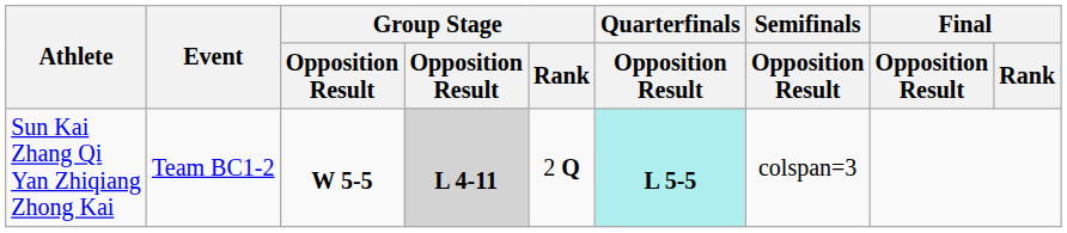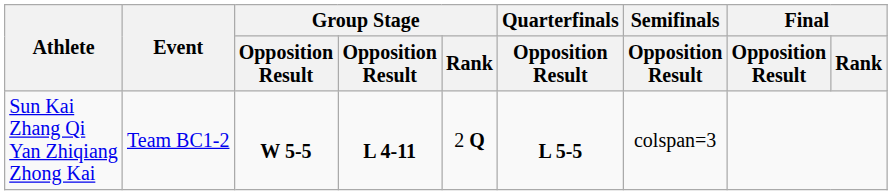 <table class=wikitable>
 <tr>
 <th rowspan="2">Athlete</th>
 <th rowspan="2">Event</th>
 <th colspan="3">Group Stage</th>
 <th>Quarterfinals</th>
 <th>Semifinals</th>
 <th colspan="2">Final</th>
 </tr>
 <tr>
 <th>Opposition<br>Result</th>
 <th>Opposition<br>Result</th>
 <th>Rank</th>
 <th>Opposition<br>Result</th>
 <th>Opposition<br>Result</th>
 <th>Opposition<br>Result</th>
 <th>Rank</th>
 </tr>
 <tr align=center>
 <td align=left><a href='#'>Sun Kai</a><br><a href='#'>Zhang Qi</a><br><a href='#'>Yan Zhiqiang</a><br><a href='#'>Zhong Kai</a></td>
 <td align=left><a href='#'>Team BC1-2</a></td>
 <td><br> <strong>W 5-5</strong></td>
-<td style="background: lightgrey;"><br> <strong>L 4-11</strong></td>
+<td><br> <strong>L 4-11</strong></td>
 <td>2 <strong>Q</strong></td>
-<td style="background: paleturquoise;"><br> <strong>L 5-5</strong></td>
+<td><br> <strong>L 5-5</strong></td>
 <td>colspan=3 </td>
 </tr>
 </table>
